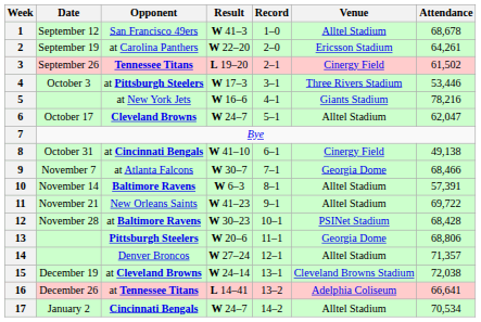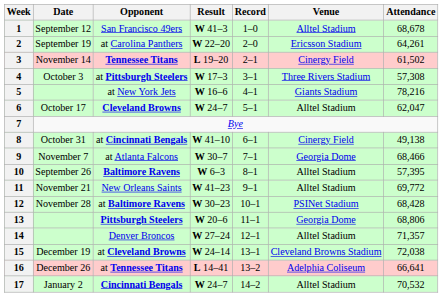 <table class="wikitable" style="text-align:center">
 <tr>
 <th>Week</th>
 <th>Date</th>
 <th>Opponent</th>
 <th>Result</th>
 <th>Record</th>
 <th>Venue</th>
 <th>Attendance</th>
 </tr>
 <tr style="background: #cfc;">
 <th>1</th>
 <td>September 12</td>
 <td><a href='#'>San Francisco 49ers</a></td>
 <td><strong>W</strong> 41–3</td>
 <td>1–0</td>
 <td><a href='#'>Alltel Stadium</a></td>
 <td>68,678</td>
 </tr>
 <tr style="background: #cfc;">
 <th>2</th>
 <td>September 19</td>
 <td>at <a href='#'>Carolina Panthers</a></td>
 <td><strong>W</strong> 22–20</td>
 <td>2–0</td>
 <td><a href='#'>Ericsson Stadium</a></td>
 <td>64,261</td>
 </tr>
 <tr style="background: #fcc;">
 <th>3</th>
-<td>September 26</td>
+<td>November 14</td>
 <td><strong><a href='#'>Tennessee Titans</a></strong></td>
 <td><strong>L</strong> 19–20</td>
 <td>2–1</td>
 <td><a href='#'>Cinergy Field</a></td>
 <td>61,502</td>
 </tr>
 <tr style="background: #cfc;">
 <th>4</th>
 <td>October 3</td>
 <td>at <strong><a href='#'>Pittsburgh Steelers</a></strong></td>
 <td><strong>W</strong> 17–3</td>
 <td>3–1</td>
 <td><a href='#'>Three Rivers Stadium</a></td>
-<td>53,446</td>
+<td>57,308</td>
 </tr>
 <tr style="background: #cfc;">
 <th>5</th>
 <td></td>
 <td>at <a href='#'>New York Jets</a></td>
 <td><strong>W</strong> 16–6</td>
 <td>4–1</td>
 <td><a href='#'>Giants Stadium</a></td>
 <td>78,216</td>
 </tr>
 <tr style="background: #cfc;">
 <th>6</th>
 <td>October 17</td>
 <td><strong><a href='#'>Cleveland Browns</a></strong></td>
 <td><strong>W</strong> 24–7</td>
 <td>5–1</td>
 <td>Alltel Stadium</td>
 <td>62,047</td>
 </tr>
 <tr>
 <th>7</th>
 <td colspan=6 align="center"><em><a href='#'>Bye</a></em></td>
 </tr>
 <tr style="background: #cfc;">
 <th>8</th>
 <td>October 31</td>
 <td>at <strong><a href='#'>Cincinnati Bengals</a></strong></td>
 <td><strong>W</strong> 41–10</td>
 <td>6–1</td>
 <td><a href='#'>Cinergy Field</a></td>
 <td>49,138</td>
 </tr>
 <tr style="background: #cfc;">
 <th>9</th>
 <td>November 7</td>
 <td>at <a href='#'>Atlanta Falcons</a></td>
 <td><strong>W</strong> 30–7</td>
 <td>7–1</td>
 <td><a href='#'>Georgia Dome</a></td>
 <td>68,466</td>
 </tr>
 <tr style="background: #cfc;">
 <th>10</th>
-<td>November 14</td>
+<td>September 26</td>
 <td><strong><a href='#'>Baltimore Ravens</a></strong></td>
 <td><strong>W</strong> 6–3</td>
 <td>8–1</td>
 <td>Alltel Stadium</td>
-<td>57,391</td>
+<td>57,395</td>
 </tr>
 <tr style="background: #cfc;">
 <th>11</th>
 <td>November 21</td>
 <td><a href='#'>New Orleans Saints</a></td>
 <td><strong>W</strong> 41–23</td>
 <td>9–1</td>
 <td>Alltel Stadium</td>
-<td>69,722</td>
+<td>69,772</td>
 </tr>
 <tr style="background: #cfc;">
 <th>12</th>
 <td>November 28</td>
 <td>at <strong><a href='#'>Baltimore Ravens</a></strong></td>
 <td><strong>W</strong> 30–23</td>
 <td>10–1</td>
 <td><a href='#'>PSINet Stadium</a></td>
 <td>68,428</td>
 </tr>
 <tr style="background: #cfc;">
 <th>13</th>
 <td></td>
 <td><strong><a href='#'>Pittsburgh Steelers</a></strong></td>
 <td><strong>W</strong> 20–6</td>
 <td>11–1</td>
 <td><a href='#'>Georgia Dome</a></td>
 <td>68,806</td>
 </tr>
 <tr style="background: #cfc;">
 <th>14</th>
 <td></td>
 <td><a href='#'>Denver Broncos</a></td>
 <td><strong>W</strong> 27–24</td>
 <td>12–1</td>
 <td>Alltel Stadium</td>
 <td>71,357</td>
 </tr>
 <tr style="background: #cfc;">
 <th>15</th>
 <td>December 19</td>
 <td>at <strong><a href='#'>Cleveland Browns</a></strong></td>
 <td><strong>W</strong> 24–14</td>
 <td>13–1</td>
 <td><a href='#'>Cleveland Browns Stadium</a></td>
 <td>72,038</td>
 </tr>
 <tr style="background: #fcc;">
 <th>16</th>
 <td>December 26</td>
 <td>at <strong><a href='#'>Tennessee Titans</a></strong></td>
 <td><strong>L</strong> 14–41</td>
 <td>13–2</td>
 <td><a href='#'>Adelphia Coliseum</a></td>
 <td>66,641</td>
 </tr>
 <tr style="background: #cfc;">
 <th>17</th>
 <td>January 2</td>
 <td><strong><a href='#'>Cincinnati Bengals</a></strong></td>
 <td><strong>W</strong> 24–7</td>
 <td>14–2</td>
 <td>Alltel Stadium</td>
-<td>70,534</td>
+<td>70,532</td>
 </tr>
 </table>
